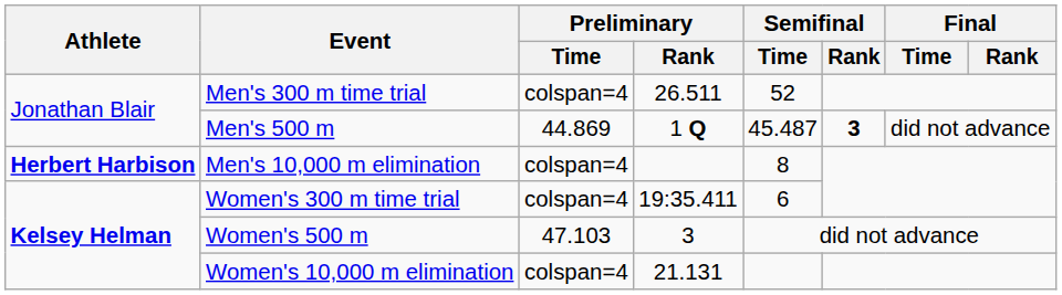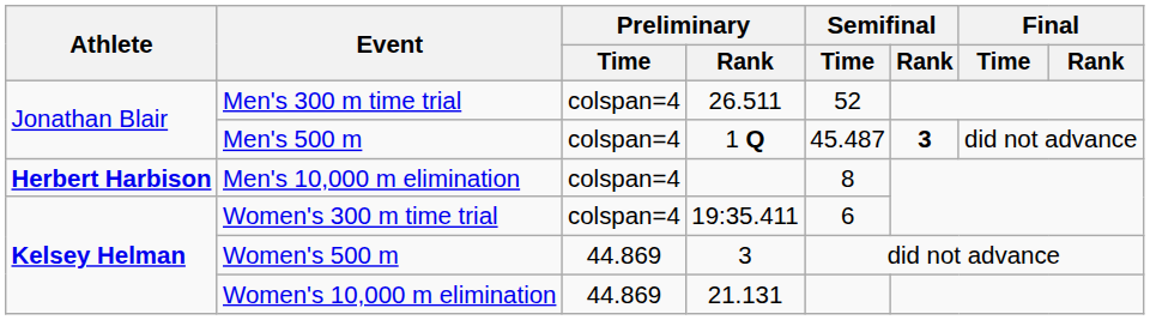 <table class=wikitable style=font-size:90%;text-align:center>
 <tr>
 <th rowspan=2>Athlete</th>
 <th rowspan=2>Event</th>
 <th colspan=2>Preliminary</th>
 <th colspan=2>Semifinal</th>
 <th colspan=2>Final</th>
 </tr>
 <tr style=font-size:95%>
 <th>Time</th>
 <th>Rank</th>
 <th>Time</th>
 <th>Rank</th>
 <th>Time</th>
 <th>Rank</th>
 </tr>
 <tr>
 <td align=left rowspan=2><a href='#'>Jonathan Blair</a></td>
 <td align=left><a href='#'>Men's 300 m time trial</a></td>
 <td>colspan=4 </td>
 <td>26.511</td>
 <td>52</td>
 </tr>
 <tr>
 <td align=left><a href='#'>Men's 500 m</a></td>
-<td>44.869</td>
+<td>colspan=4 </td>
 <td>1 <strong>Q</strong></td>
 <td>45.487</td>
 <td><strong>3</strong></td>
 <td colspan=2>did not advance</td>
 </tr>
 <tr>
 <td align=left><strong><a href='#'>Herbert Harbison</a></strong></td>
 <td align=left><a href='#'>Men's 10,000 m elimination</a></td>
 <td>colspan=4 </td>
 <td></td>
 <td>8</td>
 </tr>
 <tr>
 <td align=left rowspan=3><strong><a href='#'>Kelsey Helman</a></strong></td>
 <td align=left><a href='#'>Women's 300 m time trial</a></td>
 <td>colspan=4 </td>
 <td>19:35.411</td>
 <td>6</td>
 </tr>
 <tr>
 <td align=left><a href='#'>Women's 500 m</a></td>
-<td>47.103</td>
+<td>44.869</td>
 <td>3</td>
 <td colspan=4>did not advance</td>
 </tr>
 <tr>
 <td align=left><a href='#'>Women's 10,000 m elimination</a></td>
-<td>colspan=4 </td>
+<td>44.869</td>
 <td>21.131</td>
 <td></td>
 </tr>
 </table>
